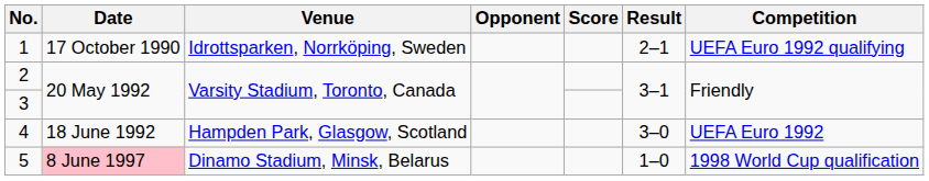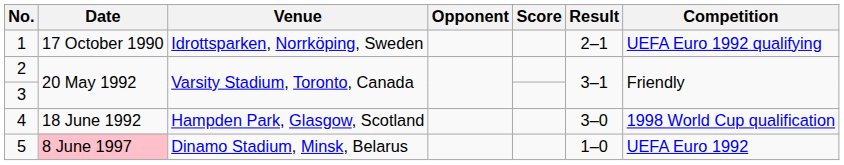 <table class="wikitable sortable">
 <tr>
 <th scope="col">No.</th>
 <th scope="col">Date</th>
 <th scope="col">Venue</th>
 <th scope="col">Opponent</th>
 <th scope="col">Score</th>
 <th scope="col">Result</th>
 <th scope="col">Competition</th>
 </tr>
 <tr>
 <td style="text-align:center">1</td>
 <td>17 October 1990</td>
 <td><a href='#'>Idrottsparken</a>, <a href='#'>Norrköping</a>, Sweden</td>
 <td></td>
 <td></td>
 <td style="text-align:center">2–1</td>
 <td><a href='#'>UEFA Euro 1992 qualifying</a></td>
 </tr>
 <tr>
 <td style="text-align:center">2</td>
 <td rowspan="2">20 May 1992</td>
 <td rowspan="2"><a href='#'>Varsity Stadium</a>, <a href='#'>Toronto</a>, Canada</td>
 <td rowspan="2"></td>
 <td></td>
 <td rowspan="2" style="text-align:center">3–1</td>
 <td rowspan="2">Friendly</td>
 </tr>
 <tr>
 <td style="text-align:center">3</td>
 </tr>
 <tr>
 <td style="text-align:center">4</td>
 <td>18 June 1992</td>
 <td><a href='#'>Hampden Park</a>, <a href='#'>Glasgow</a>, Scotland</td>
 <td></td>
 <td></td>
 <td style="text-align:center">3–0</td>
-<td><a href='#'>UEFA Euro 1992</a></td>
+<td><a href='#'>1998 World Cup qualification</a></td>
 </tr>
 <tr>
 <td style="text-align:center">5</td>
 <td style="background: pink;">8 June 1997</td>
 <td><a href='#'>Dinamo Stadium</a>, <a href='#'>Minsk</a>, Belarus</td>
 <td></td>
 <td></td>
 <td style="text-align:center">1–0</td>
-<td><a href='#'>1998 World Cup qualification</a></td>
+<td><a href='#'>UEFA Euro 1992</a></td>
 </tr>
 </table>
